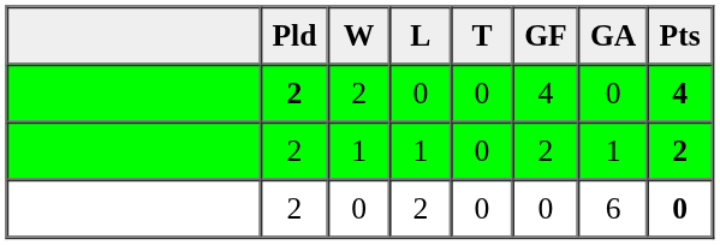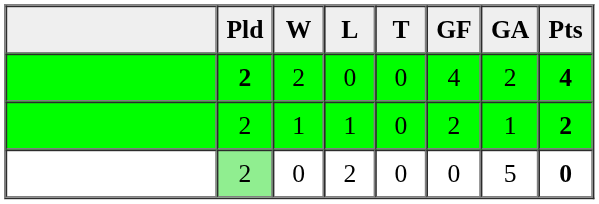 <table border=1 cellpadding=5 cellspacing=0>
 <tr>
 <th bgcolor="#efefef" width="120"></th>
 <th bgcolor="#efefef" width="20">Pld</th>
 <th bgcolor="#efefef" width="20">W</th>
 <th bgcolor="#efefef" width="20">L</th>
 <th bgcolor="#efefef" width="20">T</th>
 <th bgcolor="#efefef" width="20">GF</th>
 <th bgcolor="#efefef" width="20">GA</th>
 <th bgcolor="#efefef" width="20">Pts</th>
 </tr>
 <tr align=center bgcolor="lime">
 <td align=left></td>
 <td><strong>2</strong></td>
 <td>2</td>
 <td>0</td>
 <td>0</td>
 <td>4</td>
-<td>0</td>
+<td>2</td>
 <td><strong>4</strong></td>
 </tr>
 <tr align=center bgcolor="lime">
 <td align=left></td>
 <td>2</td>
 <td>1</td>
 <td>1</td>
 <td>0</td>
 <td>2</td>
 <td>1</td>
 <td><strong>2</strong></td>
 </tr>
 <tr align=center>
 <td align=left></td>
-<td>2</td>
+<td style="background: lightgreen;">2</td>
 <td>0</td>
 <td>2</td>
 <td>0</td>
 <td>0</td>
-<td>6</td>
+<td>5</td>
 <td><strong>0</strong></td>
 </tr>
 <tr align=center>
 </tr>
 </table>
